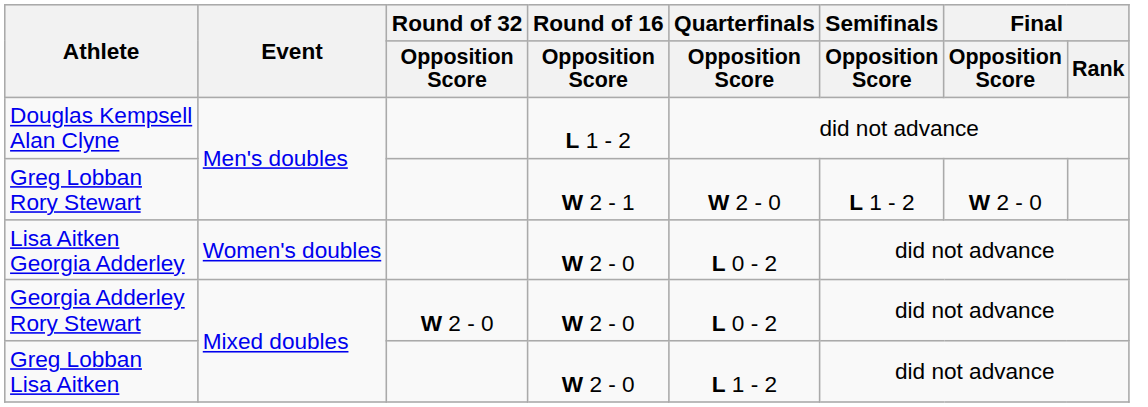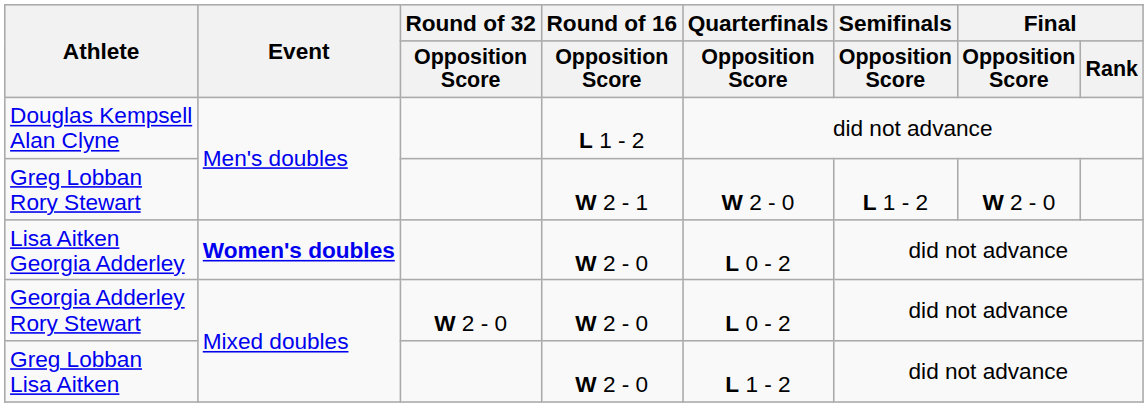 <table class=wikitable style=font-size:90%;text-align:center>
 <tr>
 <th rowspan=2>Athlete</th>
 <th rowspan=2>Event</th>
 <th>Round of 32</th>
 <th>Round of 16</th>
 <th>Quarterfinals</th>
 <th>Semifinals</th>
 <th colspan=2>Final</th>
 </tr>
 <tr style=font-size:95%>
 <th>Opposition<br>Score</th>
 <th>Opposition<br>Score</th>
 <th>Opposition<br>Score</th>
 <th>Opposition<br>Score</th>
 <th>Opposition<br>Score</th>
 <th>Rank</th>
 </tr>
 <tr>
 <td align=left><a href='#'>Douglas Kempsell</a> <br> <a href='#'>Alan Clyne</a></td>
 <td align=left rowspan=2><a href='#'>Men's doubles</a></td>
 <td></td>
 <td><br><strong>L</strong> 1 - 2</td>
 <td colspan=4>did not advance</td>
 </tr>
 <tr>
 <td align=left><a href='#'>Greg Lobban</a> <br> <a href='#'>Rory Stewart</a></td>
 <td></td>
 <td><br><strong>W</strong> 2 - 1</td>
 <td><br><strong>W</strong> 2 - 0</td>
 <td><br><strong>L</strong> 1 - 2</td>
 <td><br><strong>W</strong> 2 - 0</td>
 <td></td>
 </tr>
 <tr>
 <td align=left><a href='#'>Lisa Aitken</a> <br> <a href='#'>Georgia Adderley</a></td>
-<td align=left><a href='#'>Women's doubles</a></td>
+<td align=left><strong><a href='#'>Women's doubles</a></strong></td>
 <td></td>
 <td><br><strong>W</strong> 2 - 0</td>
 <td><br><strong>L</strong> 0 - 2</td>
 <td colspan=3>did not advance</td>
 </tr>
 <tr>
 <td align=left><a href='#'>Georgia Adderley</a> <br> <a href='#'>Rory Stewart</a></td>
 <td align=left rowspan=2><a href='#'>Mixed doubles</a></td>
 <td><br><strong>W</strong> 2 - 0</td>
 <td><br><strong>W</strong> 2 - 0</td>
 <td><br><strong>L</strong> 0 - 2</td>
 <td colspan=3>did not advance</td>
 </tr>
 <tr>
 <td align=left><a href='#'>Greg Lobban</a> <br> <a href='#'>Lisa Aitken</a></td>
 <td></td>
 <td><br><strong>W</strong> 2 - 0</td>
 <td><br><strong>L</strong> 1 - 2</td>
 <td colspan=3>did not advance</td>
 </tr>
 </table>
